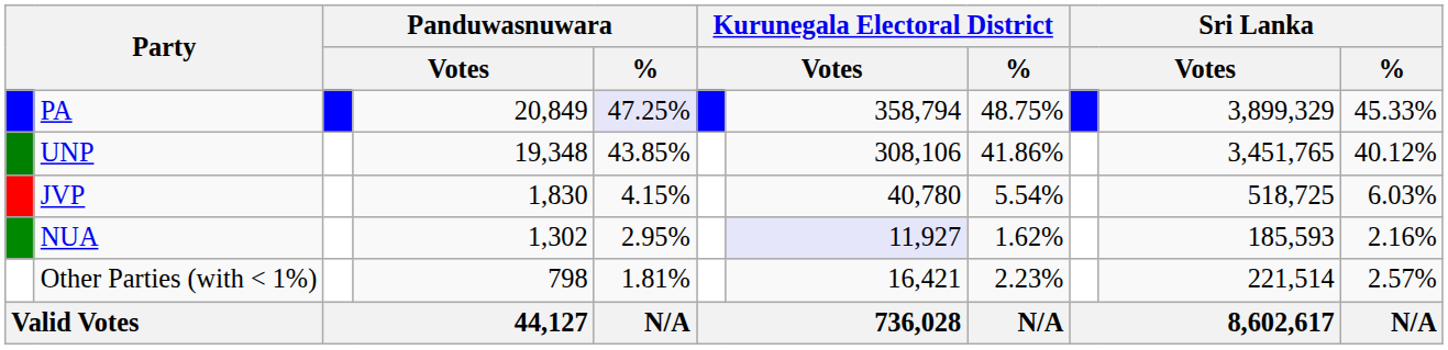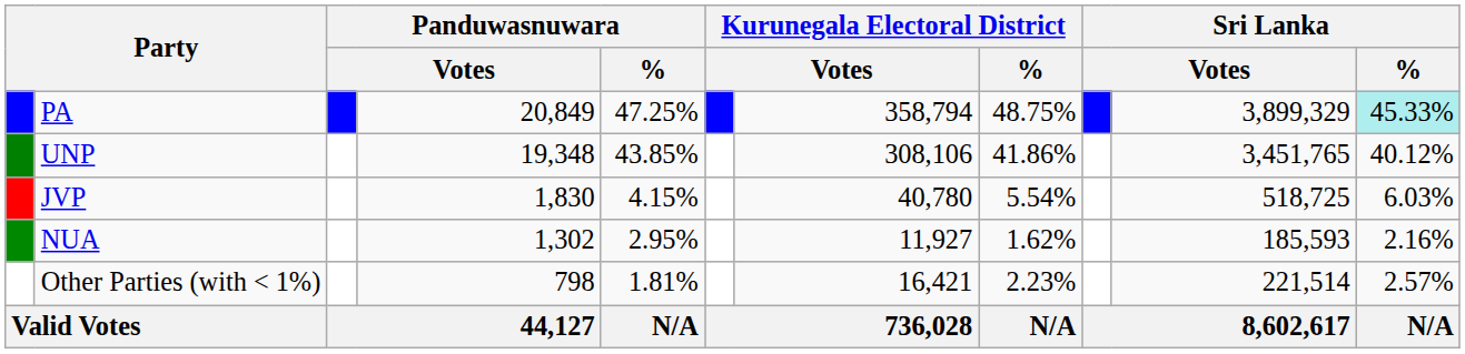 <table class="wikitable">
 <tr>
 <th colspan="2" width="144px"rowspan="2">Party</th>
 <th colspan="3" width="216px">Panduwasnuwara</th>
 <th colspan="3" width="216px"><a href='#'>Kurunegala Electoral District</a></th>
 <th colspan="3" width="216px">Sri Lanka</th>
 </tr>
 <tr>
 <th colspan="2" width="144px">Votes</th>
 <th>%</th>
 <th colspan="2" width="144px">Votes</th>
 <th>%</th>
 <th colspan="2" width="144px">Votes</th>
 <th>%</th>
 </tr>
 <tr>
 <td style="background-color:blue;" width="10px"></td>
 <td style="text-align:left;"><a href='#'>PA</a></td>
 <td style="background-color:blue;" width="10px"></td>
 <td style="text-align:right;">20,849</td>
-<td style="background: lavender; text-align:right;">47.25%</td>
+<td style="text-align:right;">47.25%</td>
 <td style="background-color:blue;" width="10px"></td>
 <td style="text-align:right;">358,794</td>
 <td style="text-align:right;">48.75%</td>
 <td style="background-color:blue;" width="10px"></td>
 <td style="text-align:right;">3,899,329</td>
-<td style="text-align:right;">45.33%</td>
+<td style="background: paleturquoise; text-align:right;">45.33%</td>
 </tr>
 <tr>
 <td style="background-color:green;" width="10px"></td>
 <td style="text-align:left;"><a href='#'>UNP</a></td>
 <td style="background-color:white;" width="10px"></td>
 <td style="text-align:right;">19,348</td>
 <td style="text-align:right;">43.85%</td>
 <td style="background-color:white;" width="10px"></td>
 <td style="text-align:right;">308,106</td>
 <td style="text-align:right;">41.86%</td>
 <td style="background-color:white;" width="10px"></td>
 <td style="text-align:right;">3,451,765</td>
 <td style="text-align:right;">40.12%</td>
 </tr>
 <tr>
 <td style="background-color:red;" width="10px"></td>
 <td style="text-align:left;"><a href='#'>JVP</a></td>
 <td style="background-color:white;" width="10px"></td>
 <td style="text-align:right;">1,830</td>
 <td style="text-align:right;">4.15%</td>
 <td style="background-color:white;" width="10px"></td>
 <td style="text-align:right;">40,780</td>
 <td style="text-align:right;">5.54%</td>
 <td style="background-color:white;" width="10px"></td>
 <td style="text-align:right;">518,725</td>
 <td style="text-align:right;">6.03%</td>
 </tr>
 <tr>
 <td style="background-color:#008800;" width="10px"></td>
 <td style="text-align:left;"><a href='#'>NUA</a></td>
 <td style="background-color:white;" width="10px"></td>
 <td style="text-align:right;">1,302</td>
 <td style="text-align:right;">2.95%</td>
 <td style="background-color:white;" width="10px"></td>
-<td style="background: lavender; text-align:right;">11,927</td>
+<td style="text-align:right;">11,927</td>
 <td style="text-align:right;">1.62%</td>
 <td style="background-color:white;" width="10px"></td>
 <td style="text-align:right;">185,593</td>
 <td style="text-align:right;">2.16%</td>
 </tr>
 <tr>
 <td style="background-color:white;" width="10px"></td>
 <td style="text-align:left;">Other Parties (with < 1%)</td>
 <td style="background-color:white;" width="10px"></td>
 <td style="text-align:right;">798</td>
 <td style="text-align:right;">1.81%</td>
 <td style="background-color:white;" width="10px"></td>
 <td style="text-align:right;">16,421</td>
 <td style="text-align:right;">2.23%</td>
 <td style="background-color:white;" width="10px"></td>
 <td style="text-align:right;">221,514</td>
 <td style="text-align:right;">2.57%</td>
 </tr>
 <tr>
 <th colspan="2" width="144px"style="text-align:left;">Valid Votes</th>
 <th style="text-align:right;"colspan="2" width="144px">44,127</th>
 <th style="text-align:right;">N/A</th>
 <th style="text-align:right;"colspan="2" width="144px">736,028</th>
 <th style="text-align:right;">N/A</th>
 <th style="text-align:right;"colspan="2" width="144px">8,602,617</th>
 <th style="text-align:right;">N/A</th>
 </tr>
 </table>
